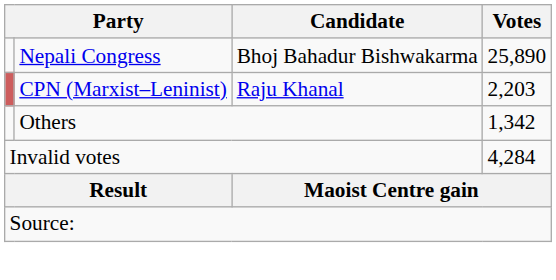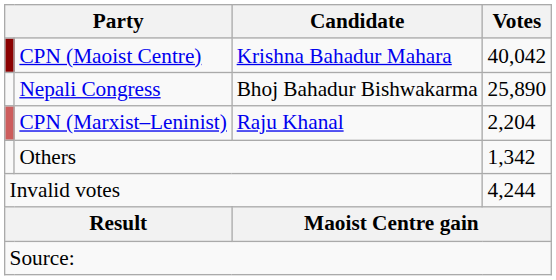 <table class="wikitable">
 <tr>
 <th colspan="2">Party</th>
 <th>Candidate</th>
 <th>Votes</th>
+</tr>
+<tr>
+<td style="background-color:darkred"></td>
+<td><a href='#'>CPN (Maoist Centre)</a></td>
+<td><a href='#'>Krishna Bahadur Mahara</a></td>
+<td>40,042</td>
 </tr>
 <tr>
 <td style="background-color:"></td>
 <td><a href='#'>Nepali Congress</a></td>
 <td>Bhoj Bahadur Bishwakarma</td>
 <td>25,890</td>
 </tr>
 <tr>
 <td style="background-color:indianred"></td>
 <td><a href='#'>CPN (Marxist–Leninist)</a></td>
 <td><a href='#'>Raju Khanal</a></td>
-<td>2,203</td>
+<td>2,204</td>
 </tr>
 <tr>
 <td></td>
 <td colspan="2">Others</td>
 <td>1,342</td>
 </tr>
 <tr>
 <td colspan="3">Invalid votes</td>
-<td>4,284</td>
+<td>4,244</td>
 </tr>
 <tr>
 <th colspan="2">Result</th>
 <th colspan="2">Maoist Centre gain</th>
 </tr>
 <tr>
 <td colspan="4">Source: </td>
 </tr>
 </table>
